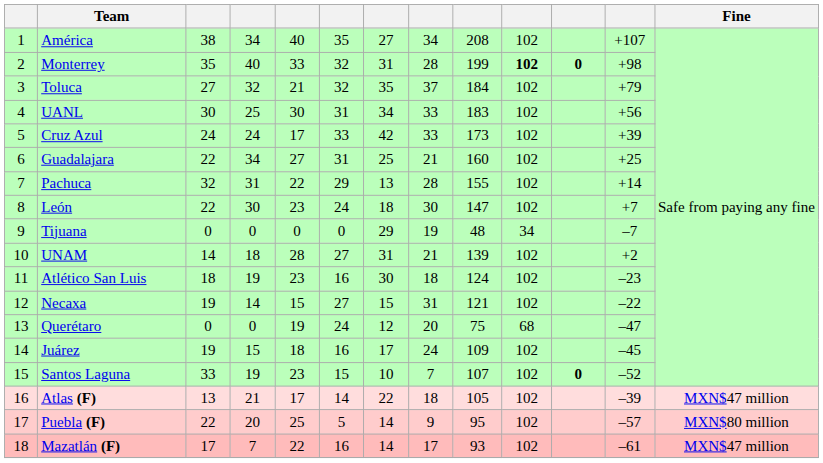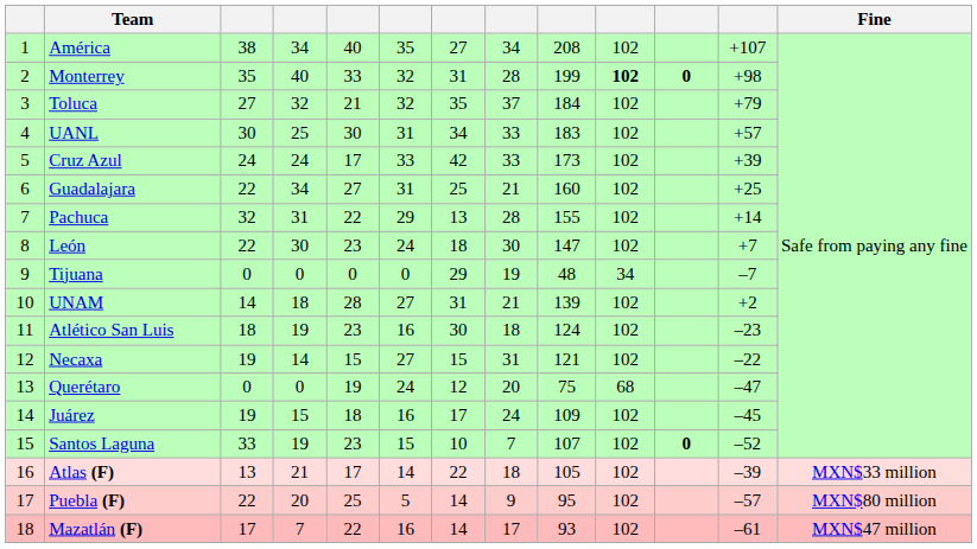 <table class="wikitable sortable" style="text-align: center;">
 <tr>
 <th width=28><br></th>
 <th width=150>Team</th>
 <th width=40></th>
 <th width=40></th>
 <th width=40></th>
 <th width=40></th>
 <th width=40></th>
 <th width=40></th>
 <th width=45></th>
 <th width=45></th>
 <th width=50><br></th>
 <th width=45><br></th>
 <th>Fine</th>
 </tr>
 <tr style="text-align:center;background:#BBFFBB;">
 <td>1</td>
 <td align=left><a href='#'>América</a></td>
 <td>38</td>
 <td>34</td>
 <td>40</td>
 <td>35</td>
 <td>27</td>
 <td>34</td>
 <td>208</td>
 <td>102</td>
 <td><strong></strong></td>
 <td>+107</td>
 <td align=center rowspan=15>Safe from paying any fine</td>
 </tr>
 <tr style="text-align:center;background:#BBFFBB;">
 <td>2</td>
 <td align=left><a href='#'>Monterrey</a></td>
 <td>35</td>
 <td>40</td>
 <td>33</td>
 <td>32</td>
 <td>31</td>
 <td>28</td>
 <td>199</td>
 <td><strong>102</strong></td>
 <td><strong>0</strong></td>
 <td>+98</td>
 </tr>
 <tr style="text-align:center;background:#BBFFBB;">
 <td>3</td>
 <td align=left><a href='#'>Toluca</a></td>
 <td>27</td>
 <td>32</td>
 <td>21</td>
 <td>32</td>
 <td>35</td>
 <td>37</td>
 <td>184</td>
 <td>102</td>
 <td><strong></strong></td>
 <td>+79</td>
 </tr>
 <tr style="text-align:center;background:#BBFFBB;">
 <td>4</td>
 <td align=left><a href='#'>UANL</a></td>
 <td>30</td>
 <td>25</td>
 <td>30</td>
 <td>31</td>
 <td>34</td>
 <td>33</td>
 <td>183</td>
 <td>102</td>
 <td><strong></strong></td>
-<td>+56</td>
+<td>+57</td>
 </tr>
 <tr style="text-align:center;background:#BBFFBB;">
 <td>5</td>
 <td align=left><a href='#'>Cruz Azul</a></td>
 <td>24</td>
 <td>24</td>
 <td>17</td>
 <td>33</td>
 <td>42</td>
 <td>33</td>
 <td>173</td>
 <td>102</td>
 <td><strong></strong></td>
 <td>+39</td>
 </tr>
 <tr style="text-align:center;background:#BBFFBB;">
 <td>6</td>
 <td align=left><a href='#'>Guadalajara</a></td>
 <td>22</td>
 <td>34</td>
 <td>27</td>
 <td>31</td>
 <td>25</td>
 <td>21</td>
 <td>160</td>
 <td>102</td>
 <td><strong></strong></td>
 <td>+25</td>
 </tr>
 <tr style="text-align:center;background:#BBFFBB;">
 <td>7</td>
 <td align=left><a href='#'>Pachuca</a></td>
 <td>32</td>
 <td>31</td>
 <td>22</td>
 <td>29</td>
 <td>13</td>
 <td>28</td>
 <td>155</td>
 <td>102</td>
 <td><strong></strong></td>
 <td>+14</td>
 </tr>
 <tr style="text-align:center;background:#BBFFBB;">
 <td>8</td>
 <td align=left><a href='#'>León</a></td>
 <td>22</td>
 <td>30</td>
 <td>23</td>
 <td>24</td>
 <td>18</td>
 <td>30</td>
 <td>147</td>
 <td>102</td>
 <td><strong></strong></td>
 <td>+7</td>
 </tr>
 <tr style="text-align:center;background:#BBFFBB;">
 <td>9</td>
 <td align=left><a href='#'>Tijuana</a> </td>
 <td>0</td>
 <td>0</td>
 <td>0</td>
 <td>0</td>
 <td>29</td>
 <td>19</td>
 <td>48</td>
 <td>34</td>
 <td><strong></strong></td>
 <td>–7</td>
 </tr>
 <tr style="text-align:center;background:#BBFFBB;">
 <td>10</td>
 <td align=left><a href='#'>UNAM</a></td>
 <td>14</td>
 <td>18</td>
 <td>28</td>
 <td>27</td>
 <td>31</td>
 <td>21</td>
 <td>139</td>
 <td>102</td>
 <td><strong></strong></td>
 <td>+2</td>
 </tr>
 <tr style="text-align:center;background:#BBFFBB;">
 <td>11</td>
 <td align=left><a href='#'>Atlético San Luis</a></td>
 <td>18</td>
 <td>19</td>
 <td>23</td>
 <td>16</td>
 <td>30</td>
 <td>18</td>
 <td>124</td>
 <td>102</td>
 <td><strong></strong></td>
 <td>–23</td>
 </tr>
 <tr style="text-align:center;background:#BBFFBB;">
 <td>12</td>
 <td align=left><a href='#'>Necaxa</a></td>
 <td>19</td>
 <td>14</td>
 <td>15</td>
 <td>27</td>
 <td>15</td>
 <td>31</td>
 <td>121</td>
 <td>102</td>
 <td><strong></strong></td>
 <td>–22</td>
 </tr>
 <tr style="text-align:center;background:#BBFFBB;">
 <td>13</td>
 <td align=left><a href='#'>Querétaro</a></td>
 <td>0</td>
 <td>0</td>
 <td>19</td>
 <td>24</td>
 <td>12</td>
 <td>20</td>
 <td>75</td>
 <td>68</td>
 <td><strong></strong></td>
 <td>–47</td>
 </tr>
 <tr style="text-align:center;background:#BBFFBB;">
 <td>14</td>
 <td align=left><a href='#'>Juárez</a></td>
 <td>19</td>
 <td>15</td>
 <td>18</td>
 <td>16</td>
 <td>17</td>
 <td>24</td>
 <td>109</td>
 <td>102</td>
 <td><strong></strong></td>
 <td>–45</td>
 </tr>
 <tr style="text-align:center;background:#BBFFBB;">
 <td>15</td>
 <td align=left><a href='#'>Santos Laguna</a></td>
 <td>33</td>
 <td>19</td>
 <td>23</td>
 <td>15</td>
 <td>10</td>
 <td>7</td>
 <td>107</td>
 <td>102</td>
 <td><strong>0</strong></td>
 <td>–52</td>
 </tr>
 <tr style="text-align:center;background:#FFDDDD;">
 <td>16</td>
 <td align=left><a href='#'>Atlas</a> <strong>(F)</strong></td>
 <td>13</td>
 <td>21</td>
 <td>17</td>
 <td>14</td>
 <td>22</td>
 <td>18</td>
 <td>105</td>
 <td>102</td>
 <td><strong></strong></td>
 <td>–39</td>
-<td><a href='#'>MXN$</a>47 million</td>
+<td><a href='#'>MXN$</a>33 million</td>
 </tr>
 <tr style="text-align:center;background:#FFCCCC;">
 <td>17</td>
 <td align=left><a href='#'>Puebla</a> <strong>(F)</strong></td>
 <td>22</td>
 <td>20</td>
 <td>25</td>
 <td>5</td>
 <td>14</td>
 <td>9</td>
 <td>95</td>
 <td>102</td>
 <td><strong></strong></td>
 <td>–57</td>
 <td><a href='#'>MXN$</a>80 million</td>
 </tr>
 <tr style="text-align:center;background:#FFBBBB;">
 <td>18</td>
 <td align=left><a href='#'>Mazatlán</a> <strong>(F)</strong></td>
 <td>17</td>
 <td>7</td>
 <td>22</td>
 <td>16</td>
 <td>14</td>
 <td>17</td>
 <td>93</td>
 <td>102</td>
 <td><strong></strong></td>
 <td>–61</td>
 <td><a href='#'>MXN$</a>47 million</td>
 </tr>
 <tr style="text-align:center;background:#FFBBBB;">
 </tr>
 </table>
